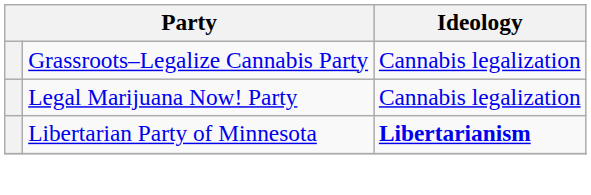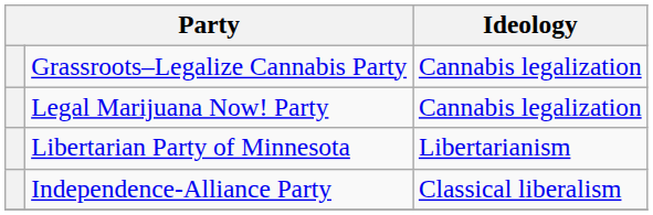 <table class="wikitable sortable">
 <tr>
 <th colspan="2">Party</th>
 <th class="unsortable">Ideology</th>
 </tr>
 <tr>
 <th width="5px" style="background-color: "></th>
 <td><a href='#'>Grassroots–Legalize Cannabis Party</a></td>
 <td><a href='#'>Cannabis legalization</a></td>
 </tr>
 <tr>
 <th width="5px" style="background-color: "></th>
 <td><a href='#'>Legal Marijuana Now! Party</a></td>
 <td><a href='#'>Cannabis legalization</a></td>
 </tr>
 <tr>
 <th style="background-color: "></th>
 <td><a href='#'>Libertarian Party of Minnesota</a></td>
-<td><strong><a href='#'>Libertarianism</a></strong></td>
+<td><a href='#'>Libertarianism</a></td>
+</tr>
+<tr>
+<th style="background-color: "></th>
+<td><a href='#'>Independence-Alliance Party</a></td>
+<td><a href='#'>Classical liberalism</a></td>
 </tr>
 <tr>
 </tr>
 </table>
